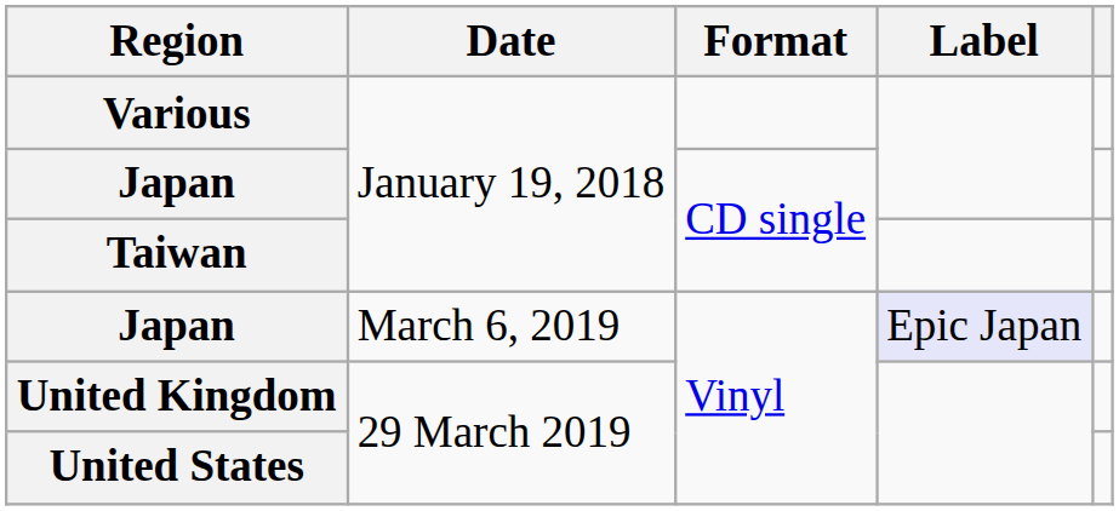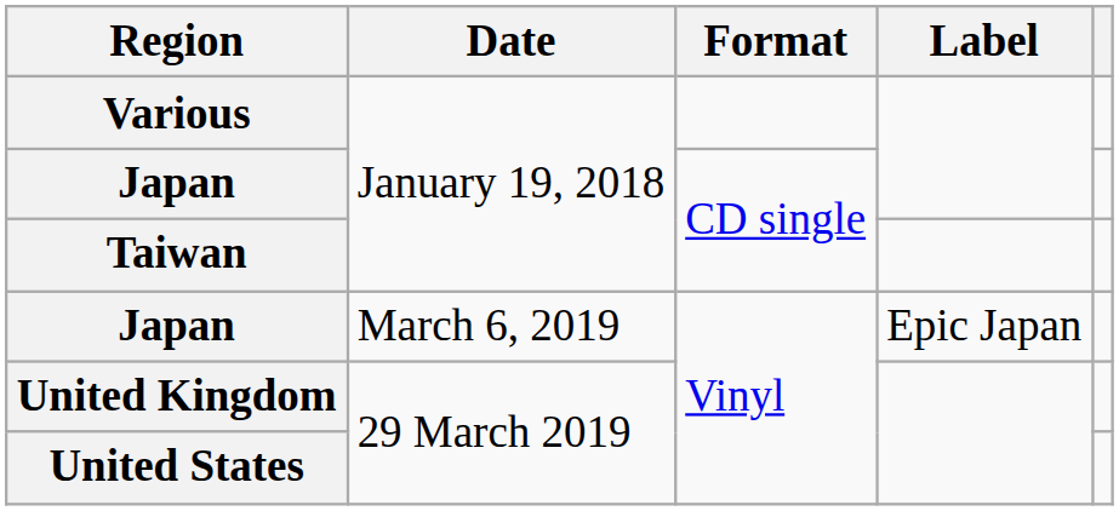 <table class="wikitable plainrowheaders">
 <tr>
 <th scope="col">Region</th>
 <th scope="col">Date</th>
 <th scope="col">Format</th>
 <th scope="col">Label</th>
 <th scope="col"></th>
 </tr>
 <tr>
 <th scope="row">Various</th>
 <td rowspan="3">January 19, 2018</td>
 <td></td>
 <td rowspan="2"></td>
 <td></td>
 </tr>
 <tr>
 <th scope="row">Japan</th>
 <td rowspan="2"><a href='#'>CD single</a></td>
 <td></td>
 </tr>
 <tr>
 <th scope="row">Taiwan</th>
 <td></td>
 <td></td>
 </tr>
 <tr>
 <th scope="row">Japan</th>
 <td>March 6, 2019</td>
 <td rowspan="3"><a href='#'>Vinyl</a></td>
-<td style="background: lavender;">Epic Japan</td>
+<td>Epic Japan</td>
 <td></td>
 </tr>
 <tr>
 <th scope="row">United Kingdom</th>
 <td rowspan="2">29 March 2019</td>
 <td rowspan="2"></td>
 <td></td>
 </tr>
 <tr>
 <th scope="row">United States</th>
 <td></td>
 </tr>
 </table>
